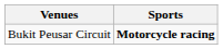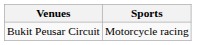 <table class="wikitable">
 <tr>
 <th>Venues</th>
 <th>Sports</th>
 </tr>
 <tr>
 <td>Bukit Peusar Circuit</td>
-<td><strong>Motorcycle racing</strong></td>
+<td>Motorcycle racing</td>
 </tr>
 </table>
